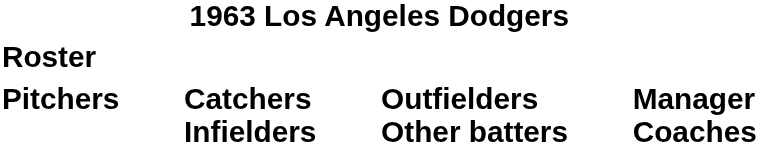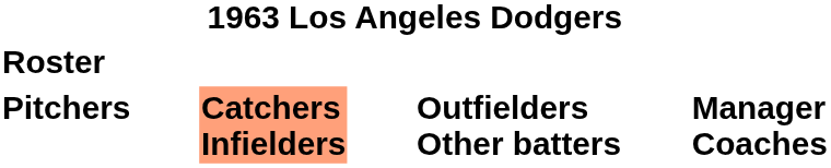 <table class="toccolours" style="font-size: 95%;">
 <tr>
 <th colspan="10">1963 Los Angeles Dodgers</th>
 </tr>
 <tr>
 <td colspan="10"><strong>Roster</strong></td>
 </tr>
 <tr>
 <td valign="top"><strong>Pitchers</strong><br>              </td>
 <td width="25px"></td>
-<td valign="top"><strong>Catchers</strong><br>  <strong>Infielders</strong>            </td>
+<td valign="top" style="background: lightsalmon;"><strong>Catchers</strong><br>  <strong>Infielders</strong>            </td>
 <td width="25px"></td>
 <td valign="top"><strong>Outfielders</strong><br>      <strong>Other batters</strong> </td>
 <td width="25px"></td>
 <td valign="top"><strong>Manager</strong><br> <strong>Coaches</strong>    </td>
 </tr>
 </table>
